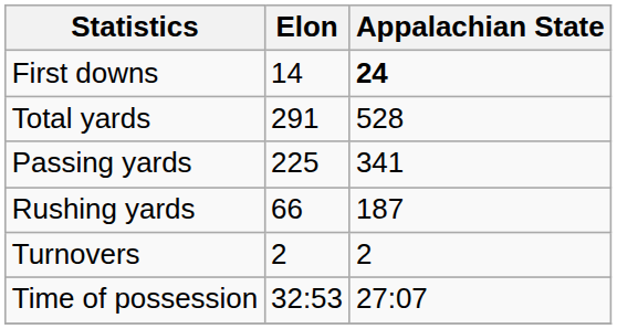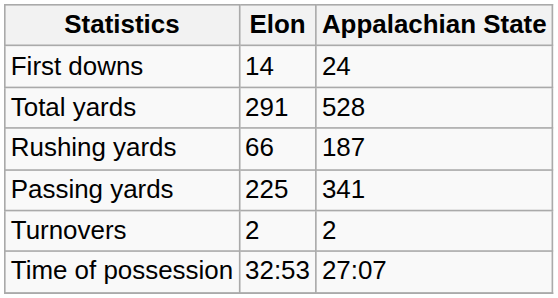 <table class="wikitable">
 <tr>
 <th>Statistics</th>
 <th>Elon</th>
 <th>Appalachian State</th>
 </tr>
 <tr>
 <td>First downs</td>
 <td>14</td>
-<td><strong>24</strong></td>
+<td>24</td>
 </tr>
 <tr>
 <td>Total yards</td>
 <td>291</td>
 <td>528</td>
 </tr>
 <tr>
+<td>Rushing yards</td>
+<td>66</td>
+<td>187</td>
+</tr>
+<tr>
 <td>Passing yards</td>
 <td>225</td>
 <td>341</td>
-</tr>
-<tr>
-<td>Rushing yards</td>
-<td>66</td>
-<td>187</td>
 </tr>
 <tr>
 <td>Turnovers</td>
 <td>2</td>
 <td>2</td>
 </tr>
 <tr>
 <td>Time of possession</td>
 <td>32:53</td>
 <td>27:07</td>
 </tr>
 <tr>
 </tr>
 </table>
